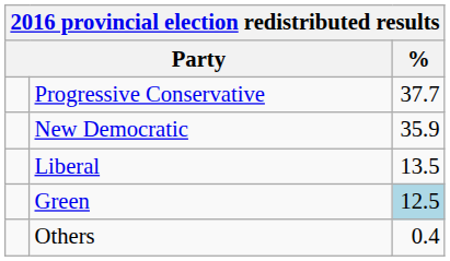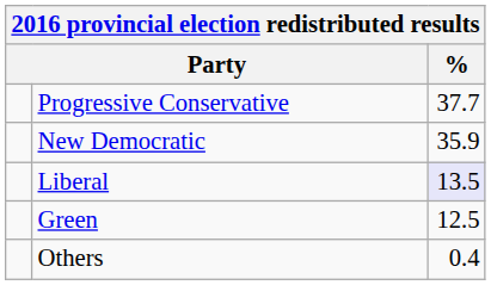 <table class="wikitable">
 <tr>
 <th colspan="4"><a href='#'>2016 provincial election</a> redistributed results</th>
 </tr>
 <tr>
 <th bgcolor="#DDDDFF" width="130px" colspan="2">Party</th>
 <th bgcolor="#DDDDFF" width="30px">%</th>
 </tr>
 <tr>
 <td> </td>
 <td><a href='#'>Progressive Conservative</a></td>
 <td align=right>37.7</td>
 </tr>
 <tr>
 <td> </td>
 <td><a href='#'>New Democratic</a></td>
 <td align=right>35.9</td>
 </tr>
 <tr>
 <td> </td>
 <td><a href='#'>Liberal</a></td>
-<td align=right>13.5</td>
+<td align=right style="background: lavender;">13.5</td>
 </tr>
 <tr>
 <td> </td>
 <td><a href='#'>Green</a></td>
-<td align=right style="background: lightblue;">12.5</td>
+<td align=right>12.5</td>
 </tr>
 <tr>
 <td> </td>
 <td>Others</td>
 <td align=right>0.4</td>
 </tr>
 </table>
